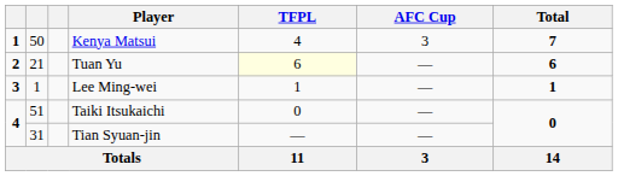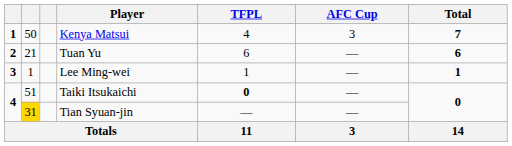 <table class="wikitable" style="text-align:center">
 <tr>
 <th width=15></th>
 <th width=15></th>
 <th width=15></th>
 <th width=175>Player</th>
 <th width=120><a href='#'>TFPL</a></th>
 <th width=140><a href='#'>AFC Cup</a></th>
 <th width=120>Total</th>
 </tr>
 <tr>
 <td><strong>1</strong></td>
 <td>50</td>
 <td></td>
 <td align=left><a href='#'>Kenya Matsui</a></td>
 <td>4</td>
 <td>3</td>
 <td><strong>7</strong></td>
 </tr>
 <tr>
 <td><strong>2</strong></td>
 <td>21</td>
 <td></td>
 <td align=left>Tuan Yu</td>
-<td style="background: lightyellow;">6</td>
+<td>6</td>
 <td>—</td>
 <td><strong>6</strong></td>
 </tr>
 <tr>
 <td><strong>3</strong></td>
 <td>1</td>
 <td></td>
 <td align=left>Lee Ming-wei</td>
 <td>1</td>
 <td>—</td>
 <td><strong>1</strong></td>
 </tr>
 <tr>
 <td rowspan="2"><strong>4</strong></td>
 <td>51</td>
 <td></td>
 <td align=left>Taiki Itsukaichi</td>
-<td>0</td>
+<td><strong>0</strong></td>
 <td>—</td>
 <td rowspan="2"><strong>0</strong></td>
 </tr>
 <tr>
-<td>31</td>
+<td style="background: gold;">31</td>
 <td></td>
 <td align=left>Tian Syuan-jin</td>
 <td>—</td>
 <td>—</td>
 </tr>
 <tr>
 <th colspan=4><strong>Totals</strong></th>
 <th><strong>11</strong></th>
 <th><strong>3</strong></th>
 <th><strong>14</strong></th>
 </tr>
 </table>
